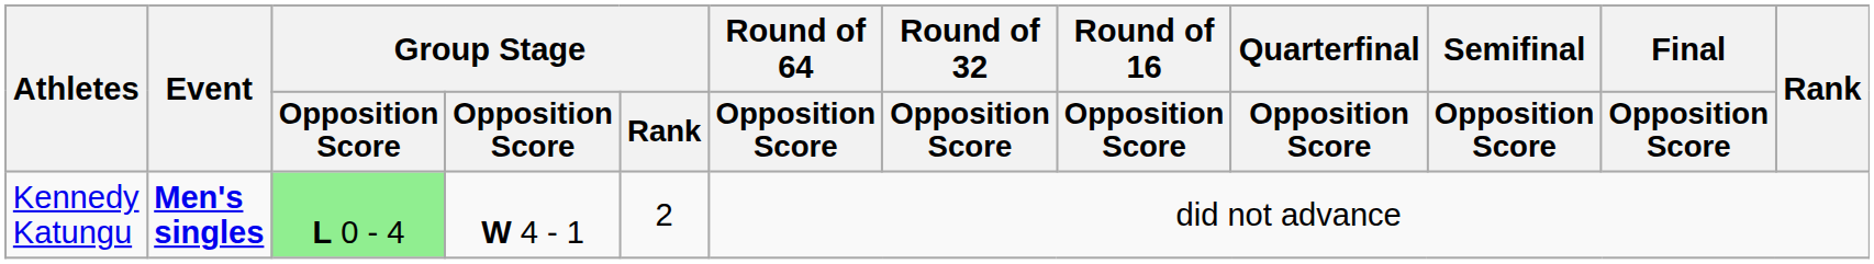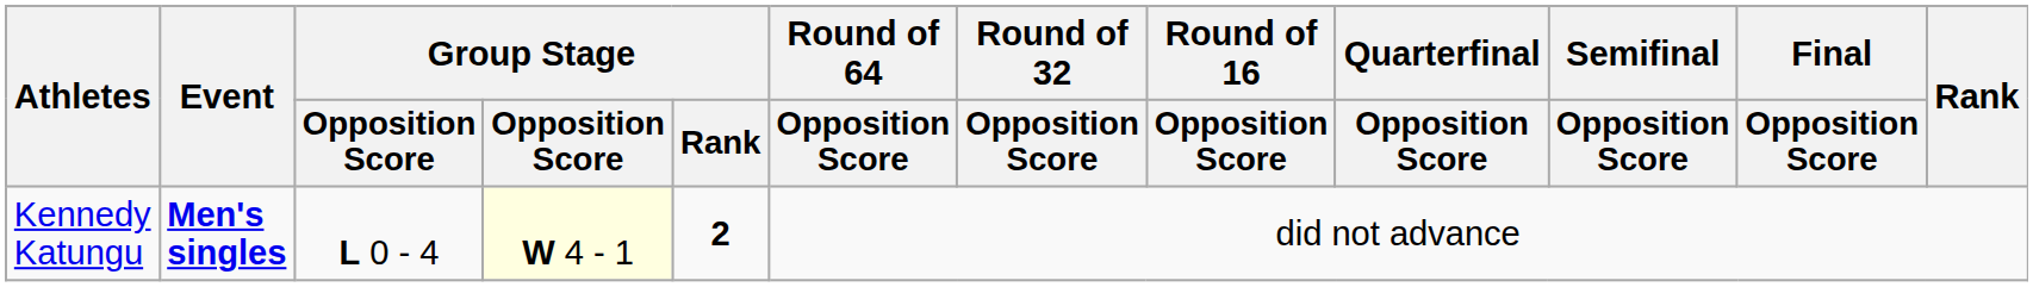 <table class="wikitable" style="font-size:90%">
 <tr>
 <th rowspan=2>Athletes</th>
 <th rowspan=2>Event</th>
 <th colspan=3>Group Stage</th>
 <th>Round of 64</th>
 <th>Round of 32</th>
 <th>Round of 16</th>
 <th>Quarterfinal</th>
 <th>Semifinal</th>
 <th>Final</th>
 <th rowspan=2>Rank</th>
 </tr>
 <tr style="font-size:95%">
 <th>Opposition<br>Score</th>
 <th>Opposition<br>Score</th>
 <th>Rank</th>
 <th>Opposition<br>Score</th>
 <th>Opposition<br>Score</th>
 <th>Opposition<br>Score</th>
 <th>Opposition<br>Score</th>
 <th>Opposition<br>Score</th>
 <th>Opposition<br>Score</th>
 </tr>
 <tr align=center>
 <td align=left><a href='#'>Kennedy Katungu</a></td>
 <td align=left><strong><a href='#'>Men's singles</a></strong></td>
-<td style="background: lightgreen;"><br><strong>L</strong> 0 - 4</td>
-<td><br><strong>W</strong> 4 - 1</td>
-<td>2</td>
+<td><br><strong>L</strong> 0 - 4</td>
+<td style="background: lightyellow;"><br><strong>W</strong> 4 - 1</td>
+<td><strong>2</strong></td>
 <td colspan=7>did not advance</td>
 </tr>
 </table>
